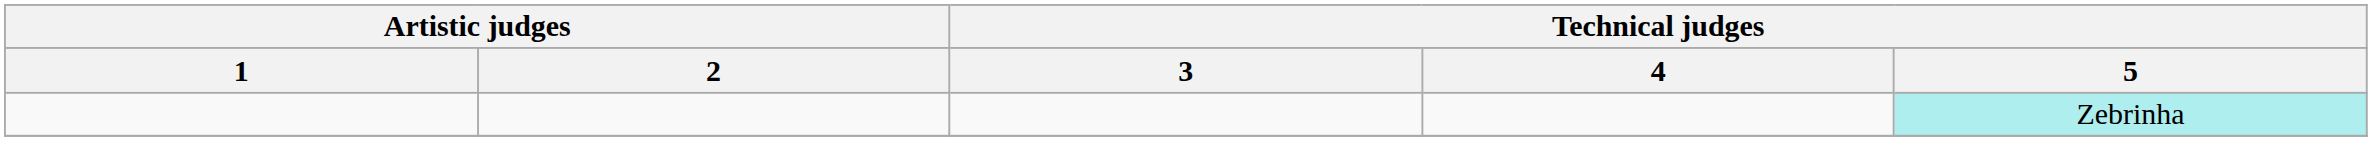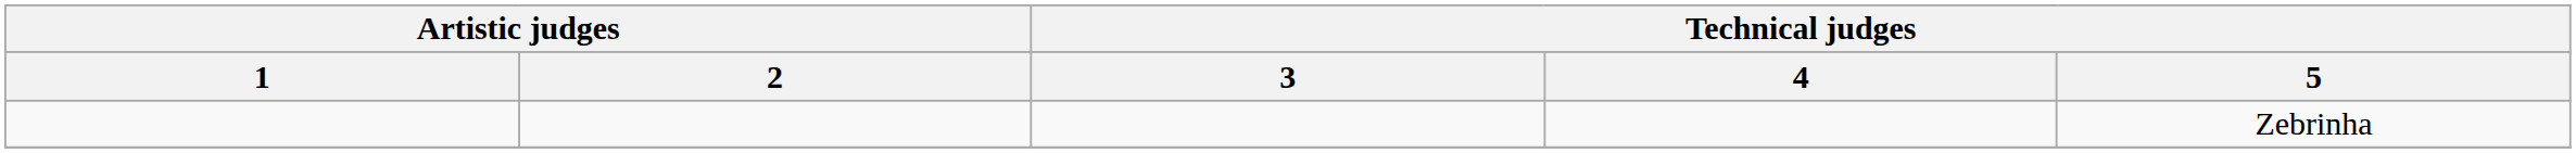 <table class="wikitable" style="font-size:100%; line-height:16px; text-align:center" width="100%">
 <tr>
 <th colspan=2>Artistic judges</th>
 <th colspan=3>Technical judges</th>
 </tr>
 <tr>
 <th width="20%">1</th>
 <th width="20%">2</th>
 <th width="20%">3</th>
 <th width="20%">4</th>
 <th width="20%">5</th>
 </tr>
 <tr>
 <td></td>
 <td></td>
 <td></td>
 <td></td>
-<td style="background: paleturquoise;">Zebrinha</td>
+<td>Zebrinha</td>
 </tr>
 <tr>
 </tr>
 </table>
